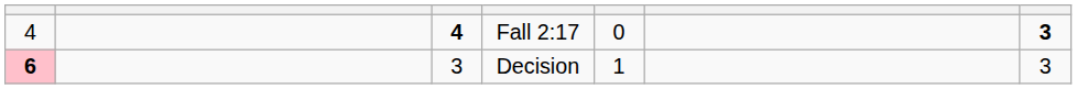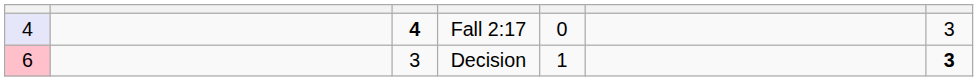 <table class="wikitable" style="text-align: center;">
 <tr>
 <th width=30></th>
 <th width=270></th>
 <th width=30></th>
 <th width=75></th>
 <th width=30></th>
 <th width=270></th>
 <th width=30></th>
 </tr>
 <tr>
-<td>4</td>
+<td style="background: lavender;">4</td>
 <td align=left></td>
 <td><strong>4</strong></td>
 <td>Fall 2:17</td>
 <td>0</td>
 <td align=left><strong></strong></td>
-<td><strong>3</strong></td>
+<td>3</td>
 </tr>
 <tr>
-<td bgcolor=pink><strong>6</strong></td>
+<td bgcolor=pink>6</td>
 <td align=left></td>
 <td>3</td>
 <td>Decision</td>
 <td>1</td>
 <td align=left><strong></strong></td>
-<td>3</td>
+<td><strong>3</strong></td>
 </tr>
 </table>
